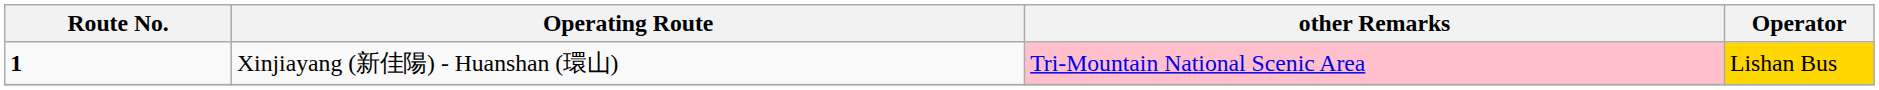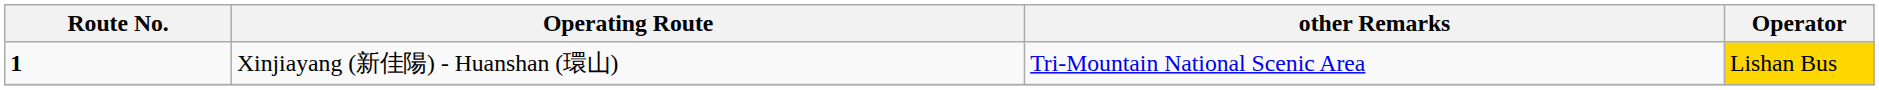 <table class="wikitable" width="100%" align="center">
 <tr>
 <th>Route No.</th>
 <th>Operating Route</th>
 <th>other Remarks</th>
 <th width="8%">Operator</th>
 </tr>
 <tr>
 <td><strong><span>1</span></strong></td>
 <td>Xinjiayang (新佳陽) - Huanshan (環山)</td>
-<td style="background: pink;"><a href='#'>Tri-Mountain National Scenic Area</a></td>
+<td><a href='#'>Tri-Mountain National Scenic Area</a></td>
 <td style="background: gold;">Lishan Bus</td>
 </tr>
 <tr>
 </tr>
 </table>
